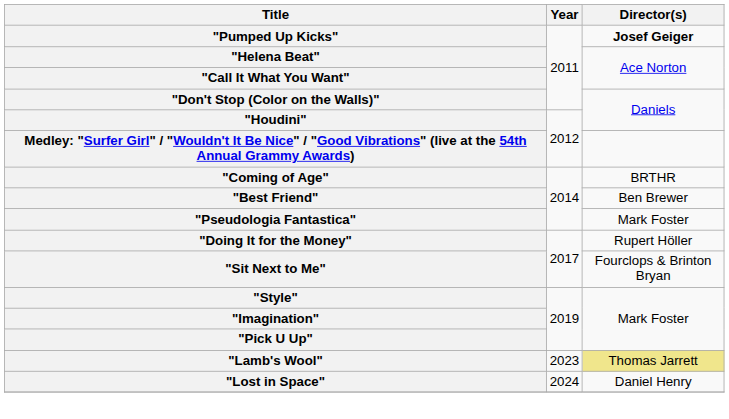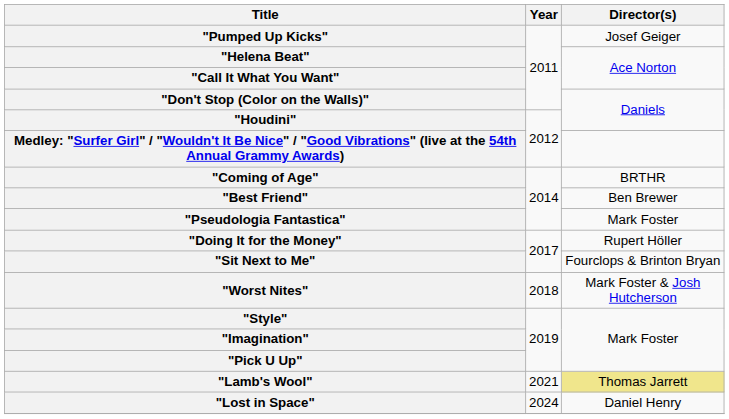 <table class="wikitable plainrowheaders" style="text-align:center;">
 <tr>
 <th scope="col">Title</th>
 <th scope="col">Year</th>
 <th scope="col">Director(s)</th>
 </tr>
 <tr>
 <th scope="row">"Pumped Up Kicks"</th>
 <td rowspan="4">2011</td>
-<td><strong>Josef Geiger</strong></td>
+<td>Josef Geiger</td>
 </tr>
 <tr>
 <th scope="row">"Helena Beat"</th>
 <td rowspan="2"><a href='#'>Ace Norton</a></td>
 </tr>
 <tr>
 <th scope="row">"Call It What You Want"</th>
 </tr>
 <tr>
 <th scope="row">"Don't Stop (Color on the Walls)"</th>
 <td rowspan="2"><a href='#'>Daniels</a></td>
 </tr>
 <tr>
 <th scope="row">"Houdini"</th>
 <td rowspan="2">2012</td>
 </tr>
 <tr>
 <th scope="row">Medley: "<a href='#'>Surfer Girl</a>" / "<a href='#'>Wouldn't It Be Nice</a>" / "<a href='#'>Good Vibrations</a>" (live at the <a href='#'>54th Annual Grammy Awards</a>)<br></th>
 <td></td>
 </tr>
 <tr>
 <th scope="row">"Coming of Age"</th>
 <td rowspan="3">2014</td>
 <td>BRTHR</td>
 </tr>
 <tr>
 <th scope="row">"Best Friend"</th>
 <td>Ben Brewer</td>
 </tr>
 <tr>
 <th scope="row">"Pseudologia Fantastica"</th>
 <td>Mark Foster</td>
 </tr>
 <tr>
 <th scope="row">"Doing It for the Money"</th>
 <td rowspan="2">2017</td>
 <td>Rupert Höller</td>
 </tr>
 <tr>
 <th scope="row">"Sit Next to Me"</th>
 <td>Fourclops & Brinton Bryan</td>
 </tr>
 <tr>
+<th scope="row">"Worst Nites"</th>
+<td>2018</td>
+<td>Mark Foster & <a href='#'>Josh Hutcherson</a></td>
+</tr>
+<tr>
 <th scope="row">"Style"</th>
 <td rowspan="3">2019</td>
 <td rowspan="3">Mark Foster</td>
 </tr>
 <tr>
 <th scope="row">"Imagination"</th>
 </tr>
 <tr>
 <th scope="row">"Pick U Up"</th>
 </tr>
 <tr>
 <th scope="row">"Lamb's Wool"</th>
-<td>2023</td>
+<td>2021</td>
 <td style="background: khaki;">Thomas Jarrett</td>
 </tr>
 <tr>
 <th scope="row">"Lost in Space"</th>
 <td>2024</td>
 <td>Daniel Henry</td>
 </tr>
 <tr>
 </tr>
 </table>
